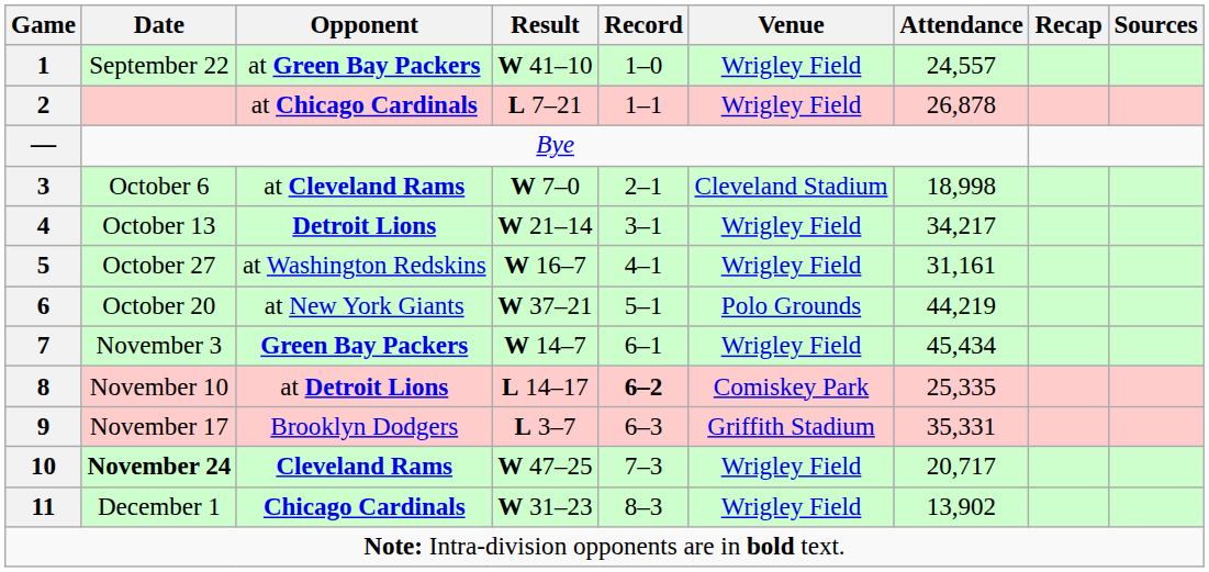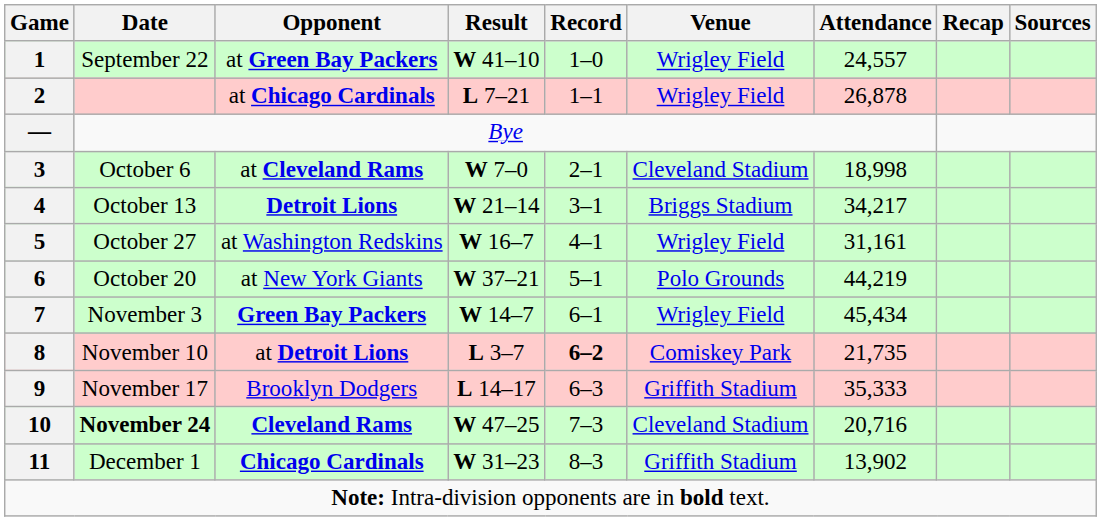 <table class="wikitable" style="text-align:center">
 <tr>
 <th>Game</th>
 <th>Date</th>
 <th>Opponent</th>
 <th>Result</th>
 <th>Record</th>
 <th>Venue</th>
 <th>Attendance</th>
 <th>Recap</th>
 <th>Sources</th>
 </tr>
 <tr style="background:#cfc">
 <th>1</th>
 <td>September 22</td>
 <td>at <strong><a href='#'>Green Bay Packers</a></strong></td>
 <td><strong>W</strong> 41–10</td>
 <td>1–0</td>
 <td><a href='#'>Wrigley Field</a></td>
 <td>24,557</td>
 <td></td>
 <td></td>
 </tr>
 <tr style="background:#fcc">
 <th>2</th>
 <td></td>
 <td>at <strong><a href='#'>Chicago Cardinals</a></strong></td>
 <td><strong>L</strong> 7–21</td>
 <td>1–1</td>
 <td><a href='#'>Wrigley Field</a></td>
 <td>26,878</td>
 <td></td>
 <td></td>
 </tr>
 <tr>
 <th>—</th>
 <td colspan="6"><em><a href='#'>Bye</a></em></td>
 </tr>
 <tr style="background:#cfc">
 <th>3</th>
 <td>October 6</td>
 <td>at <strong><a href='#'>Cleveland Rams</a></strong></td>
 <td><strong>W</strong> 7–0</td>
 <td>2–1</td>
 <td><a href='#'>Cleveland Stadium</a></td>
 <td>18,998</td>
 <td></td>
 <td></td>
 </tr>
 <tr style="background:#cfc">
 <th>4</th>
 <td>October 13</td>
 <td><strong><a href='#'>Detroit Lions</a></strong></td>
 <td><strong>W</strong> 21–14</td>
 <td>3–1</td>
-<td><a href='#'>Wrigley Field</a></td>
+<td><a href='#'>Briggs Stadium</a></td>
 <td>34,217</td>
 <td></td>
 <td></td>
 </tr>
 <tr style="background:#cfc">
 <th>5</th>
 <td>October 27</td>
 <td>at <a href='#'>Washington Redskins</a></td>
 <td><strong>W</strong> 16–7</td>
 <td>4–1</td>
 <td><a href='#'>Wrigley Field</a></td>
 <td>31,161</td>
 <td></td>
 <td></td>
 </tr>
 <tr style="background:#cfc">
 <th>6</th>
 <td>October 20</td>
 <td>at <a href='#'>New York Giants</a></td>
 <td><strong>W</strong> 37–21</td>
 <td>5–1</td>
 <td><a href='#'>Polo Grounds</a></td>
 <td>44,219</td>
 <td></td>
 <td></td>
 </tr>
 <tr style="background:#cfc">
 <th>7</th>
 <td>November 3</td>
 <td><strong><a href='#'>Green Bay Packers</a></strong></td>
 <td><strong>W</strong> 14–7</td>
 <td>6–1</td>
 <td><a href='#'>Wrigley Field</a></td>
 <td>45,434</td>
 <td></td>
 <td></td>
 </tr>
 <tr style="background:#fcc">
 <th>8</th>
 <td>November 10</td>
 <td>at <strong><a href='#'>Detroit Lions</a></strong></td>
-<td><strong>L</strong> 14–17</td>
+<td><strong>L</strong> 3–7</td>
 <td><strong>6–2</strong></td>
 <td><a href='#'>Comiskey Park</a></td>
-<td>25,335</td>
+<td>21,735</td>
 <td></td>
 <td></td>
 </tr>
 <tr style="background:#fcc">
 <th>9</th>
 <td>November 17</td>
 <td><a href='#'>Brooklyn Dodgers</a></td>
-<td><strong>L</strong> 3–7</td>
+<td><strong>L</strong> 14–17</td>
 <td>6–3</td>
 <td><a href='#'>Griffith Stadium</a></td>
-<td>35,331</td>
+<td>35,333</td>
 <td></td>
 <td></td>
 </tr>
 <tr style="background:#cfc">
 <th>10</th>
 <td><strong>November 24</strong></td>
 <td><strong><a href='#'>Cleveland Rams</a></strong></td>
 <td><strong>W</strong> 47–25</td>
 <td>7–3</td>
-<td><a href='#'>Wrigley Field</a></td>
-<td>20,717</td>
+<td><a href='#'>Cleveland Stadium</a></td>
+<td>20,716</td>
 <td></td>
 <td></td>
 </tr>
 <tr style="background:#cfc">
 <th>11</th>
 <td>December 1</td>
 <td><strong><a href='#'>Chicago Cardinals</a></strong></td>
 <td><strong>W</strong> 31–23</td>
 <td>8–3</td>
-<td><a href='#'>Wrigley Field</a></td>
+<td><a href='#'>Griffith Stadium</a></td>
 <td>13,902</td>
 <td></td>
 <td></td>
 </tr>
 <tr>
 <td colspan="10"><strong>Note:</strong> Intra-division opponents are in <strong>bold</strong> text.</td>
 </tr>
 </table>
